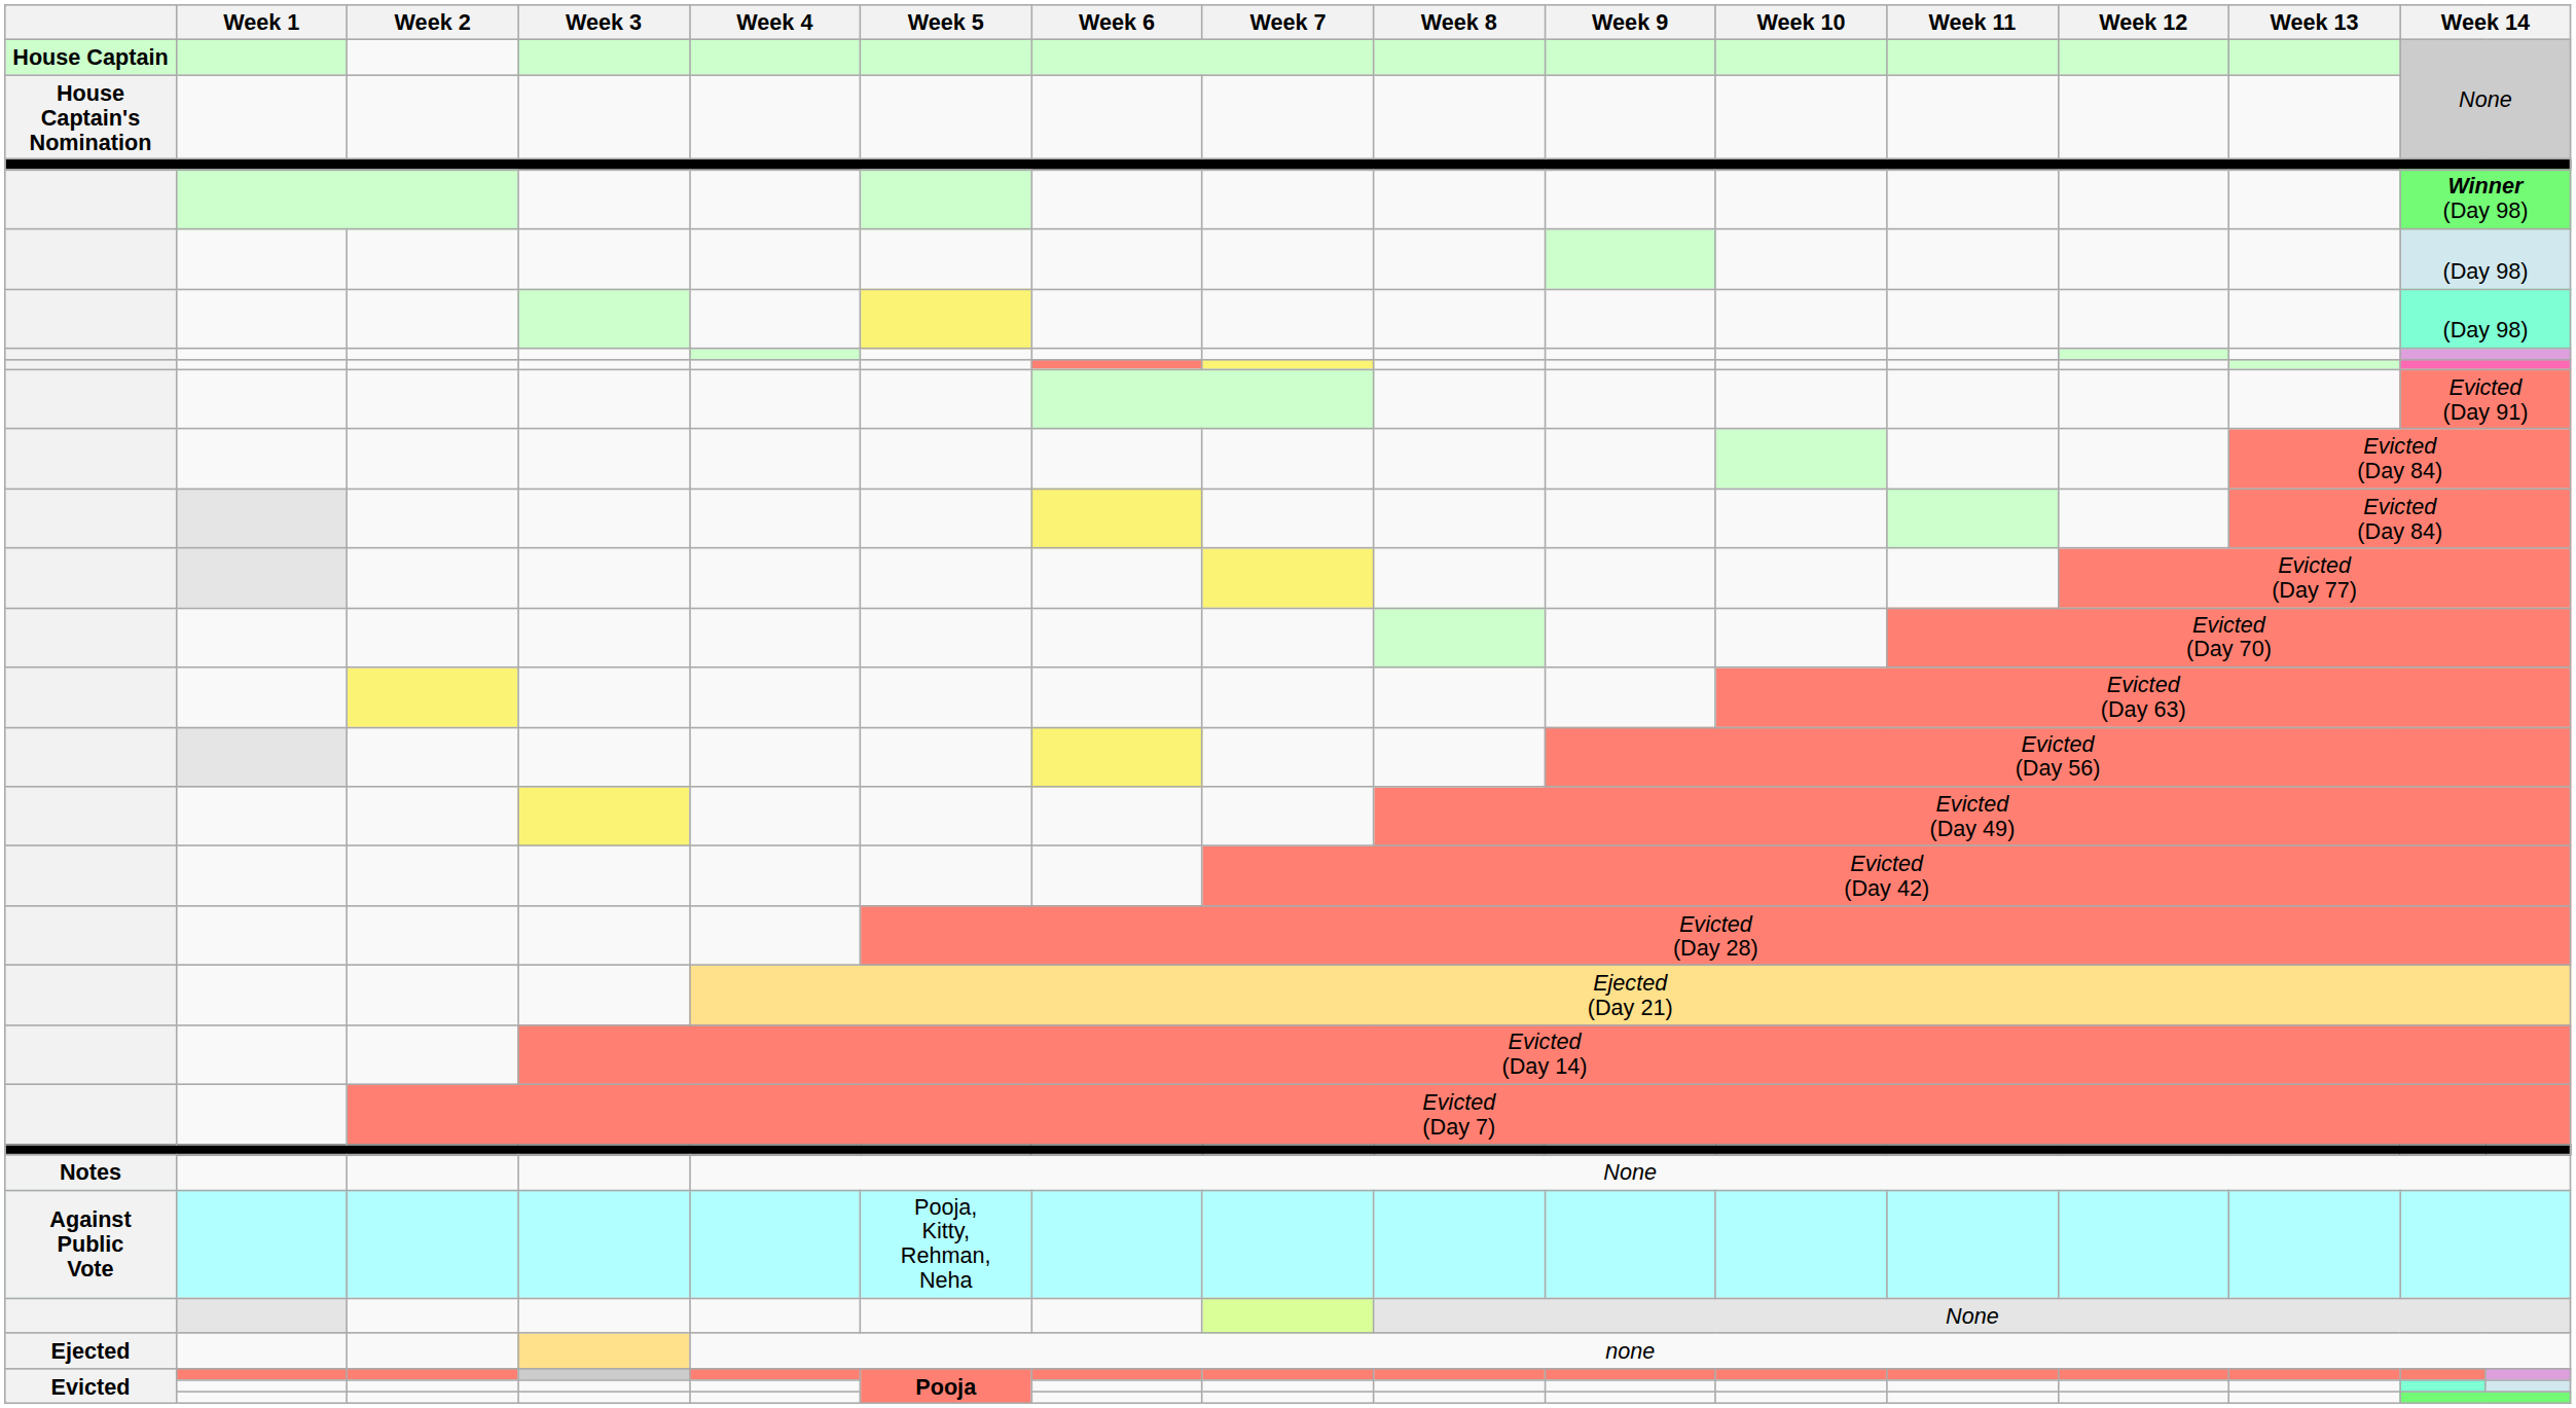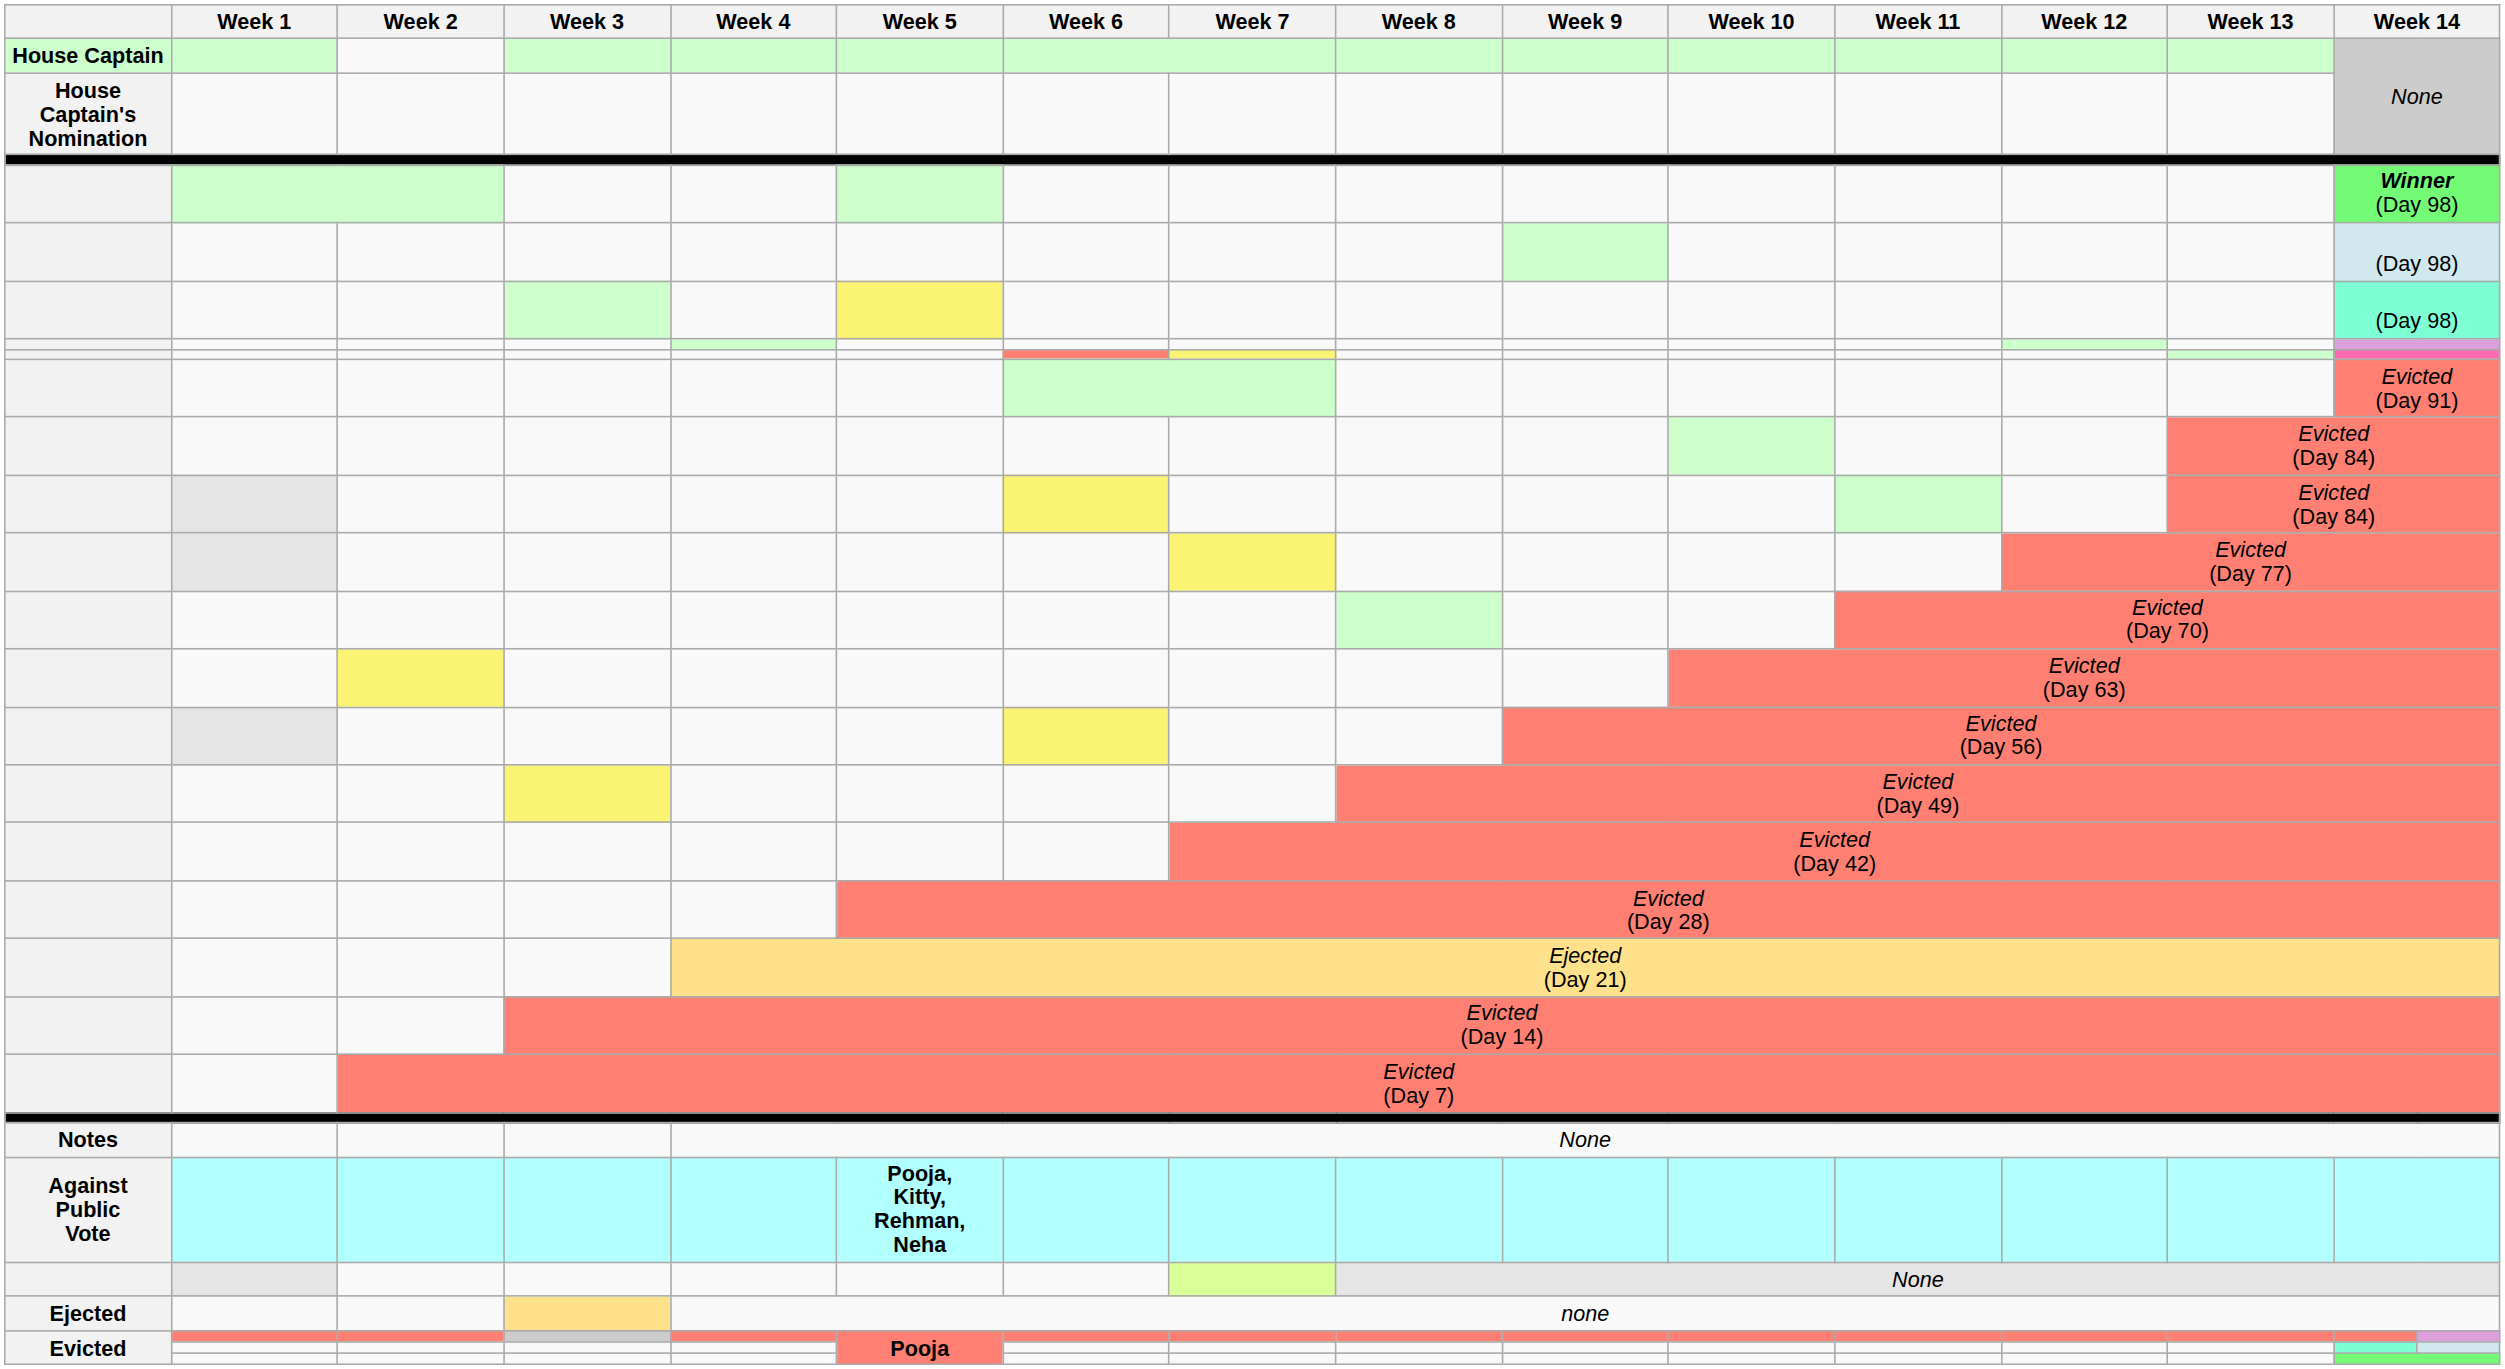 <table class="wikitable" style="text-align:center; font-size:85%; line-height:15px;">
 <tr>
 <th style="width: 6.5%;"></th>
 <th style="width: 6.5%;">Week 1</th>
 <th style="width: 6.5%;">Week 2</th>
 <th style="width: 6.5%;">Week 3</th>
 <th style="width: 6.5%;">Week 4</th>
 <th style="width: 6.5%;">Week 5</th>
 <th style="width: 6.5%;">Week 6</th>
 <th style="width: 6.5%;">Week 7</th>
 <th style="width: 6.5%;">Week 8</th>
 <th style="width: 6.5%;">Week 9</th>
 <th style="width: 6.5%;">Week 10</th>
 <th style="width: 6.5%;">Week 11</th>
 <th style="width: 6.5%;">Week 12</th>
 <th style="width: 6.5%;">Week 13</th>
 <th style="width: 6.5%;"  colspan=2>Week 14</th>
 </tr>
 <tr>
 <th style="background:#cfc;">House Captain</th>
 <td style="background:#cfc;"></td>
 <td></td>
 <td style="background:#cfc;"></td>
 <td style="background:#cfc;"></td>
 <td style="background:#cfc;"></td>
 <td colspan="2" style="background:#cfc;"></td>
 <td style="background:#cfc;"></td>
 <td style="background:#cfc;"></td>
 <td style="background:#cfc;"></td>
 <td style="background:#cfc;"></td>
 <td style="background:#cfc;"></td>
 <td style="background:#cfc;"></td>
 <td style="background:#ccc;" colspan=2 rowspan=2><em>None</em></td>
 </tr>
 <tr>
 <th>House Captain's Nomination</th>
 <td></td>
 <td></td>
 <td></td>
 <td></td>
 <td></td>
 <td></td>
 <td></td>
 <td></td>
 <td></td>
 <td></td>
 <td></td>
 <td></td>
 <td></td>
 </tr>
 <tr>
 <th style="background:#000;" colspan="16"></th>
 </tr>
 <tr>
 <th></th>
 <td colspan="2" style="background:#cfc;"></td>
 <td></td>
 <td></td>
 <td style="background:#cfc;"></td>
 <td></td>
 <td></td>
 <td></td>
 <td></td>
 <td></td>
 <td></td>
 <td></td>
 <td></td>
 <td colspan=2 style="background:#73FB76;"><strong><em>Winner</em></strong><br>(Day 98)</td>
 </tr>
 <tr>
 <th></th>
 <td></td>
 <td></td>
 <td></td>
 <td></td>
 <td></td>
 <td></td>
 <td></td>
 <td></td>
 <td style="background:#cfc;"></td>
 <td></td>
 <td></td>
 <td></td>
 <td></td>
 <td colspan=2 style="background:#D1E8EF;"><br>(Day 98)</td>
 </tr>
 <tr>
 <th></th>
 <td></td>
 <td></td>
 <td style="background:#cfc;"></td>
 <td></td>
 <td style="background:#FBF373"></td>
 <td></td>
 <td></td>
 <td></td>
 <td></td>
 <td></td>
 <td></td>
 <td></td>
 <td></td>
 <td colspan=2 style="background:#7FFFD4;"><strong><em></em></strong><br>(Day 98)</td>
 </tr>
 <tr>
 <th></th>
 <td></td>
 <td></td>
 <td></td>
 <td style="background:#cfc;"></td>
 <td></td>
 <td></td>
 <td></td>
 <td></td>
 <td></td>
 <td></td>
 <td></td>
 <td style="background:#cfc;"></td>
 <td></td>
 <td colspan=2 style="background:#DDA0DD;"></td>
 </tr>
 <tr>
 <th></th>
 <td></td>
 <td></td>
 <td></td>
 <td></td>
 <td></td>
 <td style="background:#FF8072"></td>
 <td style="background:#FBF373"></td>
 <td></td>
 <td></td>
 <td></td>
 <td></td>
 <td></td>
 <td style="background:#cfc;"></td>
 <td style="background:#FF69B4" colspan=2></td>
 </tr>
 <tr>
 <th></th>
 <td></td>
 <td></td>
 <td></td>
 <td></td>
 <td></td>
 <td colspan="2" style="background:#cfc;"></td>
 <td></td>
 <td></td>
 <td></td>
 <td></td>
 <td></td>
 <td></td>
 <td style="background:#FF8072" colspan="2"><em>Evicted</em><br>(Day 91)</td>
 </tr>
 <tr>
 <th></th>
 <td></td>
 <td></td>
 <td></td>
 <td></td>
 <td></td>
 <td></td>
 <td></td>
 <td></td>
 <td></td>
 <td style="background:#cfc;"></td>
 <td></td>
 <td></td>
 <td style="background:#FF8072" colspan="3"><em>Evicted</em><br>(Day 84)</td>
 </tr>
 <tr>
 <th></th>
 <td style="background:#E5E5E5;"></td>
 <td></td>
 <td></td>
 <td></td>
 <td></td>
 <td style="background:#FBF373"></td>
 <td></td>
 <td></td>
 <td></td>
 <td></td>
 <td style="background:#cfc;"></td>
 <td></td>
 <td style="background:#FF8072" colspan="3"><em>Evicted</em><br>(Day 84)</td>
 </tr>
 <tr>
 <th></th>
 <td style="background:#E5E5E5;"></td>
 <td></td>
 <td></td>
 <td></td>
 <td></td>
 <td></td>
 <td style="background:#FBF373"></td>
 <td></td>
 <td></td>
 <td></td>
 <td></td>
 <td style="background:#FF8072" colspan="4"><em>Evicted</em><br>(Day 77)</td>
 </tr>
 <tr>
 <th></th>
 <td></td>
 <td></td>
 <td></td>
 <td></td>
 <td></td>
 <td></td>
 <td></td>
 <td style="background:#cfc;"></td>
 <td></td>
 <td></td>
 <td style="background:#FF8072" colspan="5"><em>Evicted</em><br>(Day 70)</td>
 </tr>
 <tr>
 <th></th>
 <td></td>
 <td style="background:#FBF373"></td>
 <td></td>
 <td></td>
 <td></td>
 <td></td>
 <td></td>
 <td></td>
 <td></td>
 <td style="background:#FF8072" colspan="6"><em>Evicted</em><br>(Day 63)</td>
 </tr>
 <tr>
 <th></th>
 <td style="background:#E5E5E5;"></td>
 <td></td>
 <td></td>
 <td></td>
 <td></td>
 <td style="background:#FBF373"></td>
 <td></td>
 <td></td>
 <td style="background:#FF8072" colspan="7"><em>Evicted</em><br>(Day 56)</td>
 </tr>
 <tr>
 <th></th>
 <td></td>
 <td></td>
 <td style="background:#FBF373"></td>
 <td></td>
 <td></td>
 <td></td>
 <td></td>
 <td style="background:#FF8072" colspan="8"><em>Evicted</em><br>(Day 49)</td>
 </tr>
 <tr>
 <th></th>
 <td></td>
 <td></td>
 <td></td>
 <td></td>
 <td></td>
 <td></td>
 <td style="background:#FF8072" colspan="9"><em>Evicted</em><br>(Day 42)</td>
 </tr>
 <tr>
 <th></th>
 <td></td>
 <td></td>
 <td></td>
 <td></td>
 <td style="background:#FF8072" colspan="11"><em>Evicted</em><br>(Day 28)</td>
 </tr>
 <tr>
 <th></th>
 <td></td>
 <td></td>
 <td></td>
 <td style="background:#FFE08B" colspan="12"><em>Ejected</em><br>(Day 21)</td>
 </tr>
 <tr>
 <th></th>
 <td></td>
 <td></td>
 <td style="background:#FF8072" colspan="13"><em>Evicted</em><br>(Day 14)</td>
 </tr>
 <tr>
 <th></th>
 <td></td>
 <td style="background:#FF8072" colspan="14"><em>Evicted</em><br>(Day 7)</td>
 </tr>
 <tr>
 <th style="background:#000;" colspan="16"></th>
 </tr>
 <tr>
 <th>Notes</th>
 <td></td>
 <td></td>
 <td></td>
 <td colspan="12"><em>None</em></td>
 </tr>
 <tr style="background:#B2FFFF;">
 <th>Against<br>Public<br>Vote</th>
 <td></td>
 <td></td>
 <td></td>
 <td></td>
-<td>Pooja,<br>Kitty,<br>Rehman,<br>Neha</td>
+<td><strong>Pooja,<br>Kitty,<br>Rehman,<br>Neha</strong></td>
 <td></td>
 <td></td>
 <td></td>
 <td></td>
 <td></td>
 <td></td>
 <td></td>
 <td></td>
 <td colspan=2></td>
 </tr>
 <tr>
 <th></th>
 <td style="background:#E5E5E5;"></td>
 <td></td>
 <td></td>
 <td></td>
 <td></td>
 <td></td>
 <td style="background:#DAFF99;"></td>
 <td colspan="8" style="background:#E5E5E5;"><em>None</em></td>
 </tr>
 <tr>
 <th>Ejected</th>
 <td></td>
 <td></td>
 <td style="background:#FFE08B"></td>
 <td colspan=12><em>none</em></td>
 </tr>
 <tr>
 <th rowspan=3>Evicted</th>
 <td style="background:#ff8072;"></td>
 <td style="background:#ff8072;"></td>
 <td style="background:#ccc;"></td>
 <td style="background:#ff8072;"></td>
 <td rowspan=3 style="background:#ff8072;"><strong>Pooja</strong></td>
 <td style="background:#ff8072;"></td>
 <td style="background:#ff8072;"></td>
 <td style="background:#ff8072;"></td>
 <td style="background:#ff8072;"></td>
 <td style="background:#ff8072;"></td>
 <td style="background:#ff8072;"></td>
 <td style="background:#ff8072;"></td>
 <td style="background:#ff8072;"></td>
 <td style="background:#FA8072"></td>
 <td style="background:#DDA0DD"></td>
 </tr>
 <tr>
 <td></td>
 <td></td>
 <td></td>
 <td></td>
 <td></td>
 <td></td>
 <td></td>
 <td></td>
 <td></td>
 <td></td>
 <td></td>
 <td></td>
 <td style="background:#7FFFD4"></td>
 <td style="background:#D1E8EF"></td>
 </tr>
 <tr>
 <td></td>
 <td></td>
 <td></td>
 <td></td>
 <td></td>
 <td></td>
 <td></td>
 <td></td>
 <td></td>
 <td></td>
 <td></td>
 <td></td>
 <td colspan="2" style="background:#73FB76"></td>
 </tr>
 </table>
